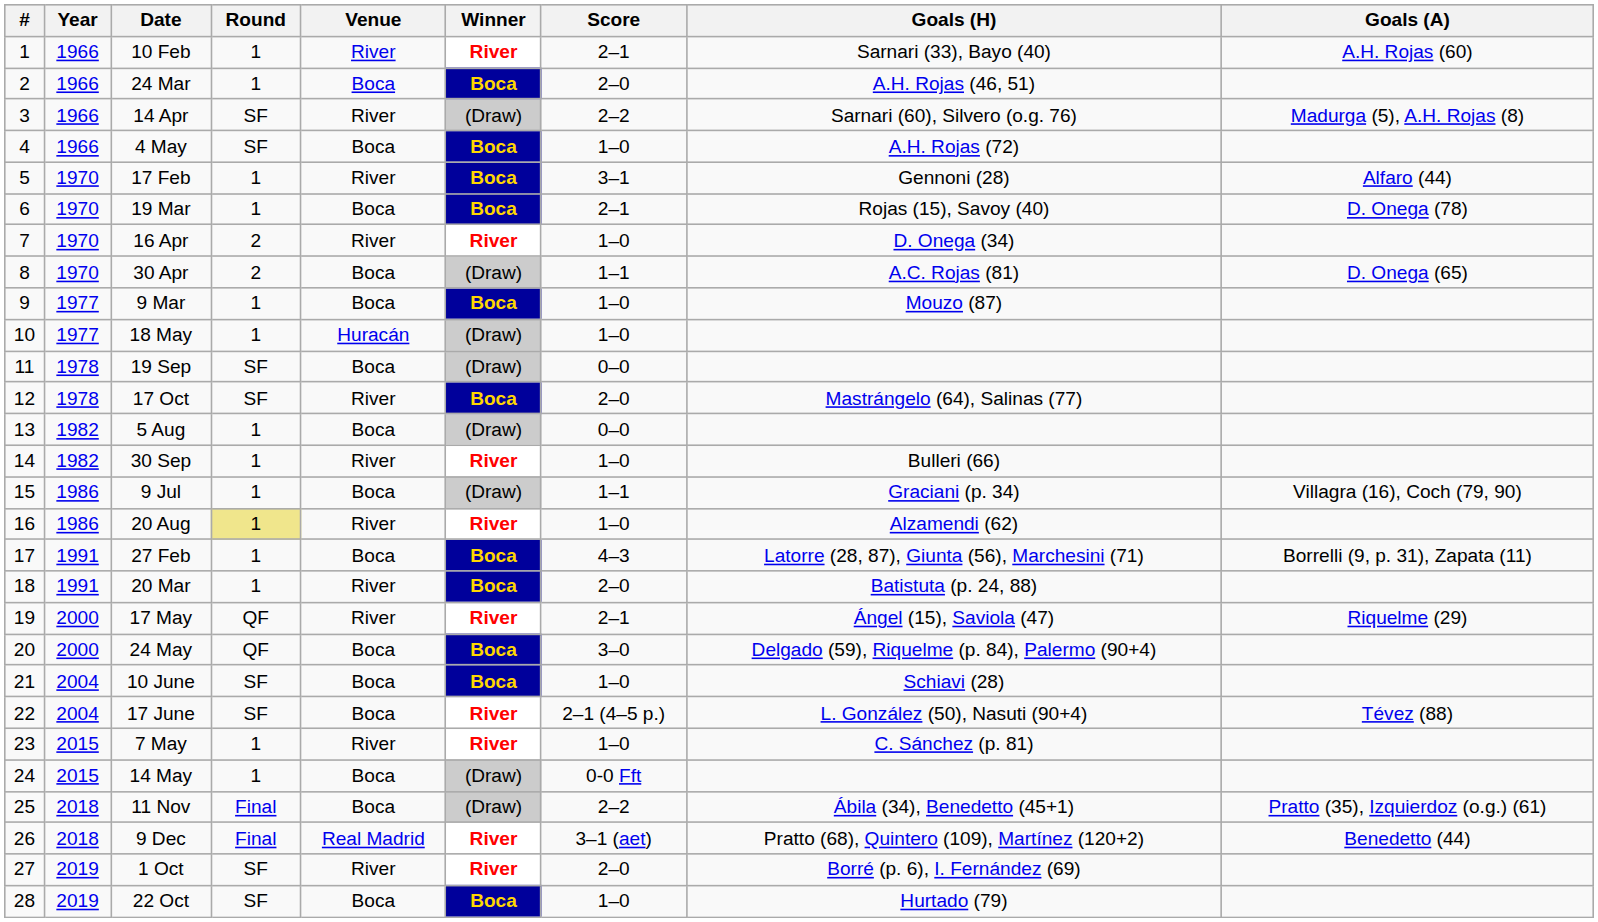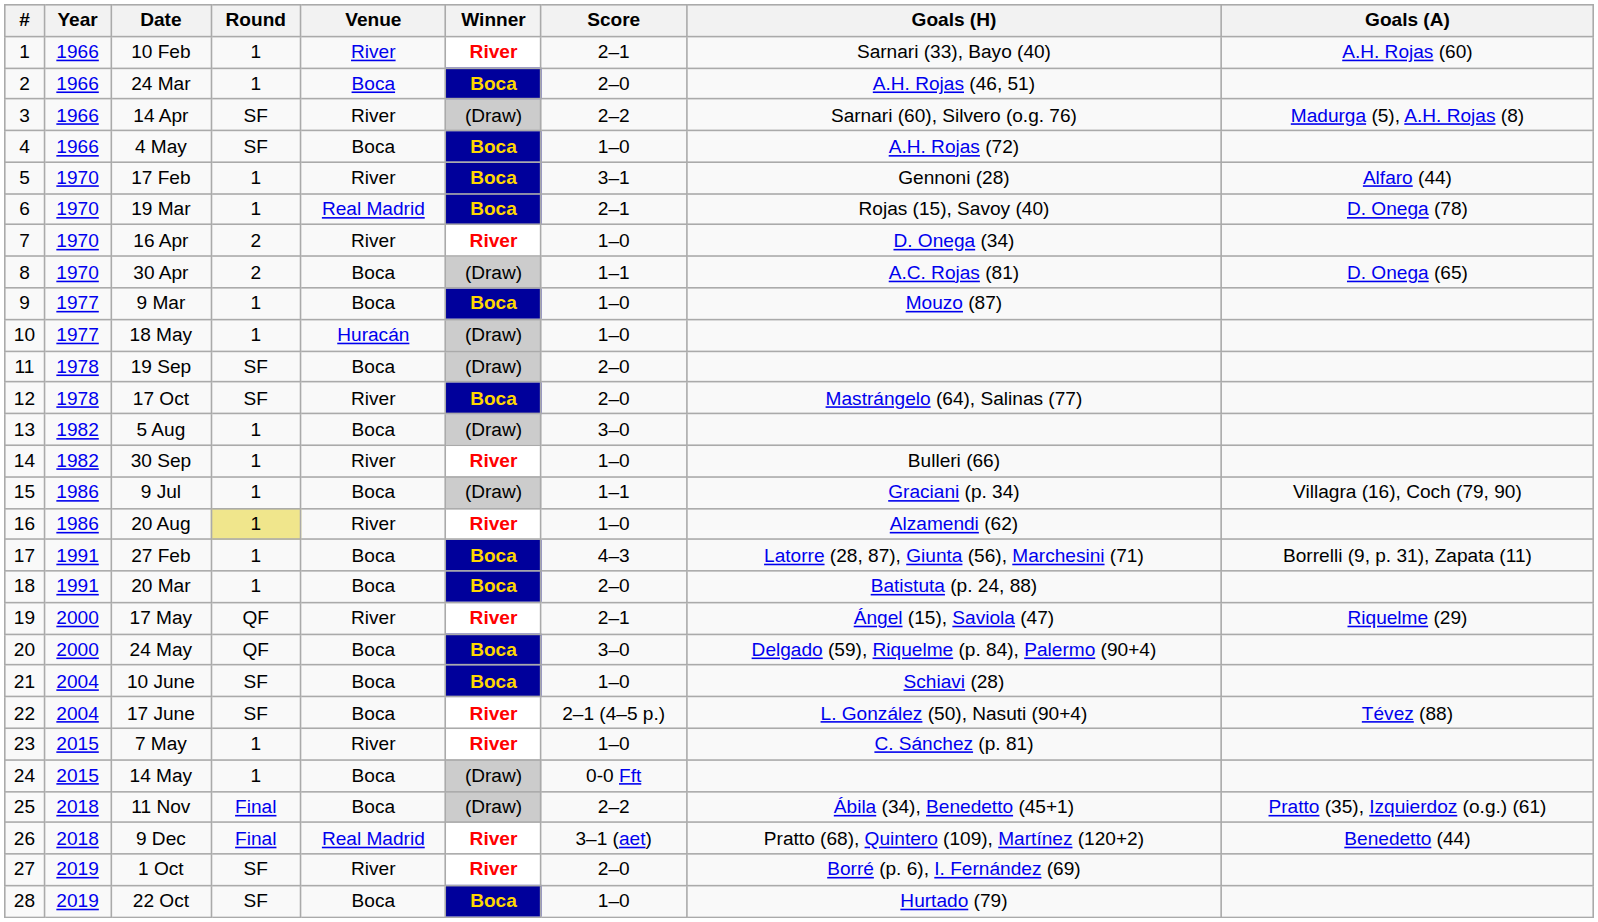 <table class="wikitable sortable collapsible collapsed" style="width:1000px; text-align:center; margin:0 left; font-size: 12px">
 <tr>
 <th>#</th>
 <th 50px>Year</th>
 <th 100px>Date</th>
 <th 50px>Round</th>
 <th 100px>Venue</th>
 <th 100px>Winner</th>
 <th 50px>Score</th>
 <th 300px>Goals (H)</th>
 <th 300px>Goals (A)</th>
 </tr>
 <tr>
 <td>1</td>
 <td><a href='#'>1966</a></td>
 <td>10 Feb</td>
 <td>1</td>
 <td><a href='#'>River</a></td>
 <td style="color:#ff0000; background:#ffffff"><strong>River</strong></td>
 <td>2–1</td>
 <td>Sarnari (33), Bayo (40)</td>
 <td><a href='#'>A.H. Rojas</a> (60)</td>
 </tr>
 <tr>
 <td>2</td>
 <td><a href='#'>1966</a></td>
 <td>24 Mar</td>
 <td>1</td>
 <td><a href='#'>Boca</a></td>
 <td style="color:gold; background:#00009B"><strong>Boca</strong></td>
 <td>2–0</td>
 <td><a href='#'>A.H. Rojas</a> (46, 51)</td>
 <td></td>
 </tr>
 <tr>
 <td>3</td>
 <td><a href='#'>1966</a></td>
 <td>14 Apr</td>
 <td>SF</td>
 <td>River</td>
 <td style="color:#000000; background:#cccccc">(Draw)</td>
 <td>2–2</td>
 <td>Sarnari (60), Silvero (o.g. 76)</td>
 <td><a href='#'>Madurga</a> (5), <a href='#'>A.H. Rojas</a>  (8)</td>
 </tr>
 <tr>
 <td>4</td>
 <td><a href='#'>1966</a></td>
 <td>4 May</td>
 <td>SF</td>
 <td>Boca</td>
 <td style="color:gold; background:#00009B"><strong>Boca</strong></td>
 <td>1–0</td>
 <td><a href='#'>A.H. Rojas</a> (72)</td>
 <td></td>
 </tr>
 <tr>
 <td>5</td>
 <td><a href='#'>1970</a></td>
 <td>17 Feb</td>
 <td>1</td>
 <td>River</td>
 <td style="color:gold; background:#00009B"><strong>Boca</strong></td>
 <td>3–1</td>
 <td>Gennoni (28)</td>
 <td><a href='#'>Alfaro</a> (44)</td>
 </tr>
 <tr>
 <td>6</td>
 <td><a href='#'>1970</a></td>
 <td>19 Mar</td>
 <td>1</td>
-<td>Boca</td>
+<td><a href='#'>Real Madrid</a></td>
 <td style="color:gold; background:#00009B"><strong>Boca</strong></td>
 <td>2–1</td>
 <td>Rojas (15), Savoy (40)</td>
 <td><a href='#'>D. Onega</a> (78)</td>
 </tr>
 <tr>
 <td>7</td>
 <td><a href='#'>1970</a></td>
 <td>16 Apr</td>
 <td>2</td>
 <td>River</td>
 <td style="color:#ff0000; background:#ffffff"><strong>River</strong></td>
 <td>1–0</td>
 <td><a href='#'>D. Onega</a> (34)</td>
 <td></td>
 </tr>
 <tr>
 <td>8</td>
 <td><a href='#'>1970</a></td>
 <td>30 Apr</td>
 <td>2</td>
 <td>Boca</td>
 <td style="color:#000000; background:#cccccc">(Draw)</td>
 <td>1–1</td>
 <td><a href='#'>A.C. Rojas</a> (81)</td>
 <td><a href='#'>D. Onega</a> (65)</td>
 </tr>
 <tr>
 <td>9</td>
 <td><a href='#'>1977</a></td>
 <td>9 Mar</td>
 <td>1</td>
 <td>Boca</td>
 <td style="color:gold; background:#00009B"><strong>Boca</strong></td>
 <td>1–0</td>
 <td><a href='#'>Mouzo</a> (87)</td>
 <td></td>
 </tr>
 <tr>
 <td>10</td>
 <td><a href='#'>1977</a></td>
 <td>18 May</td>
 <td>1</td>
 <td><a href='#'>Huracán</a></td>
 <td style="color:#000000; background:#cccccc">(Draw)</td>
 <td>1–0</td>
 <td></td>
 <td></td>
 </tr>
 <tr>
 <td>11</td>
 <td><a href='#'>1978</a></td>
 <td>19 Sep</td>
 <td>SF</td>
 <td>Boca</td>
 <td style="color:#000000; background:#cccccc">(Draw)</td>
-<td>0–0</td>
+<td>2–0</td>
 <td></td>
 <td></td>
 </tr>
 <tr>
 <td>12</td>
 <td><a href='#'>1978</a></td>
 <td>17 Oct</td>
 <td>SF</td>
 <td>River</td>
 <td style="color:gold; background:#00009B"><strong>Boca</strong></td>
 <td>2–0</td>
 <td><a href='#'>Mastrángelo</a> (64), Salinas (77)</td>
 <td></td>
 </tr>
 <tr>
 <td>13</td>
 <td><a href='#'>1982</a></td>
 <td>5 Aug</td>
 <td>1</td>
 <td>Boca</td>
 <td style="color:#000000; background:#cccccc">(Draw)</td>
-<td>0–0</td>
+<td>3–0</td>
 <td></td>
 <td></td>
 </tr>
 <tr>
 <td>14</td>
 <td><a href='#'>1982</a></td>
 <td>30 Sep</td>
 <td>1</td>
 <td>River</td>
 <td style="color:#ff0000; background:#ffffff"><strong>River</strong></td>
 <td>1–0</td>
 <td>Bulleri (66)</td>
 <td></td>
 </tr>
 <tr>
 <td>15</td>
 <td><a href='#'>1986</a></td>
 <td>9 Jul</td>
 <td>1</td>
 <td>Boca</td>
 <td style="color:#000000; background:#cccccc">(Draw)</td>
 <td>1–1</td>
 <td><a href='#'>Graciani</a> (p. 34)</td>
 <td>Villagra (16), Coch (79, 90)</td>
 </tr>
 <tr>
 <td>16</td>
 <td><a href='#'>1986</a></td>
 <td>20 Aug</td>
 <td style="background: khaki;">1</td>
 <td>River</td>
 <td style="color:#ff0000; background:#ffffff"><strong>River</strong></td>
 <td>1–0</td>
 <td><a href='#'>Alzamendi</a> (62)</td>
 <td></td>
 </tr>
 <tr>
 <td>17</td>
 <td><a href='#'>1991</a></td>
 <td>27 Feb</td>
 <td>1</td>
 <td>Boca</td>
 <td style="color:gold; background:#00009B"><strong>Boca</strong></td>
 <td>4–3</td>
 <td><a href='#'>Latorre</a> (28, 87), <a href='#'>Giunta</a> (56), <a href='#'>Marchesini</a> (71)</td>
 <td>Borrelli (9, p. 31), Zapata (11)</td>
 </tr>
 <tr>
 <td>18</td>
 <td><a href='#'>1991</a></td>
 <td>20 Mar</td>
 <td>1</td>
-<td>River</td>
+<td>Boca</td>
 <td style="color:gold; background:#00009B"><strong>Boca</strong></td>
 <td>2–0</td>
 <td><a href='#'>Batistuta</a> (p. 24, 88)</td>
 <td></td>
 </tr>
 <tr>
 <td>19</td>
 <td><a href='#'>2000</a></td>
 <td>17 May</td>
 <td>QF</td>
 <td>River</td>
 <td style="color:#ff0000; background:#ffffff"><strong>River</strong></td>
 <td>2–1</td>
 <td><a href='#'>Ángel</a> (15), <a href='#'>Saviola</a> (47)</td>
 <td><a href='#'>Riquelme</a> (29)</td>
 </tr>
 <tr>
 <td>20</td>
 <td><a href='#'>2000</a></td>
 <td>24 May</td>
 <td>QF</td>
 <td>Boca</td>
 <td style="color:gold; background:#00009B"><strong>Boca</strong></td>
 <td>3–0</td>
 <td><a href='#'>Delgado</a> (59), <a href='#'>Riquelme</a> (p. 84), <a href='#'>Palermo</a> (90+4)</td>
 <td></td>
 </tr>
 <tr>
 <td>21</td>
 <td><a href='#'>2004</a></td>
 <td>10 June</td>
 <td>SF</td>
 <td>Boca</td>
 <td style="color:gold; background:#00009B"><strong>Boca</strong></td>
 <td>1–0</td>
 <td><a href='#'>Schiavi</a> (28)</td>
 <td></td>
 </tr>
 <tr>
 <td>22</td>
 <td><a href='#'>2004</a></td>
 <td>17 June</td>
 <td>SF</td>
 <td>Boca</td>
 <td style="color:#ff0000; background:#ffffff"><strong>River</strong></td>
 <td>2–1 (4–5 p.)</td>
 <td><a href='#'>L. González</a> (50), Nasuti (90+4)</td>
 <td><a href='#'>Tévez</a> (88)</td>
 </tr>
 <tr>
 <td>23</td>
 <td><a href='#'>2015</a></td>
 <td>7 May</td>
 <td>1</td>
 <td>River</td>
 <td style="color:#ff0000; background:#ffffff"><strong>River</strong></td>
 <td>1–0</td>
 <td><a href='#'>C. Sánchez</a> (p. 81)</td>
 <td></td>
 </tr>
 <tr>
 <td>24</td>
 <td><a href='#'>2015</a></td>
 <td>14 May</td>
 <td>1</td>
 <td>Boca</td>
 <td style="color:#000000; background:#cccccc">(Draw)</td>
 <td>0-0 <a href='#'>Fft</a></td>
 <td></td>
 <td></td>
 </tr>
 <tr>
 <td>25</td>
 <td><a href='#'>2018</a></td>
 <td>11 Nov</td>
 <td><a href='#'>Final</a></td>
 <td>Boca</td>
 <td style="color:#000000; background:#cccccc">(Draw)</td>
 <td>2–2</td>
 <td><a href='#'>Ábila</a> (34), <a href='#'>Benedetto</a> (45+1)</td>
 <td><a href='#'>Pratto</a> (35), <a href='#'>Izquierdoz</a> (o.g.) (61)</td>
 </tr>
 <tr>
 <td>26</td>
 <td><a href='#'>2018</a></td>
 <td>9 Dec</td>
 <td><a href='#'>Final</a></td>
 <td><a href='#'>Real Madrid</a></td>
 <td style="color:#ff0000; background:#ffffff"><strong>River</strong></td>
 <td>3–1 (<a href='#'>aet</a>)</td>
 <td>Pratto (68), <a href='#'>Quintero</a> (109), <a href='#'>Martínez</a> (120+2)</td>
 <td><a href='#'>Benedetto</a> (44)</td>
 </tr>
 <tr>
 <td>27</td>
 <td><a href='#'>2019</a></td>
 <td>1 Oct</td>
 <td>SF</td>
 <td>River</td>
 <td style="color:#ff0000; background:#ffffff"><strong>River</strong></td>
 <td>2–0</td>
 <td><a href='#'>Borré</a> (p. 6), <a href='#'>I. Fernández</a> (69)</td>
 <td></td>
 </tr>
 <tr>
 <td>28</td>
 <td><a href='#'>2019</a></td>
 <td>22 Oct</td>
 <td>SF</td>
 <td>Boca</td>
 <td style="color:gold; background:#00009B"><strong>Boca</strong></td>
 <td>1–0</td>
 <td><a href='#'>Hurtado</a> (79)</td>
 <td></td>
 </tr>
 </table>
